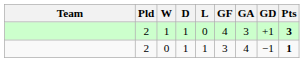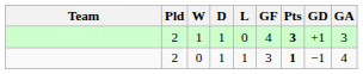 <table class="wikitable" style="text-align:center;">
 <tr>
 <th width=180>Team</th>
 <th width=20>Pld</th>
 <th width=20>W</th>
 <th width=20>D</th>
 <th width=20>L</th>
 <th width=20>GF</th>
+<th width=20>Pts</th>
+<th width=20>GD</th>
 <th width=20>GA</th>
-<th width=20>GD</th>
-<th width=20>Pts</th>
 </tr>
 <tr style="background:#cfc;">
 <td align="left"></td>
 <td>2</td>
 <td>1</td>
 <td>1</td>
 <td>0</td>
 <td>4</td>
+<td><strong>3</strong></td>
+<td>+1</td>
 <td>3</td>
-<td>+1</td>
-<td><strong>3</strong></td>
 </tr>
 <tr>
 <td align="left"></td>
 <td>2</td>
 <td>0</td>
 <td>1</td>
 <td>1</td>
 <td>3</td>
+<td><strong>1</strong></td>
+<td>−1</td>
 <td>4</td>
-<td>−1</td>
-<td><strong>1</strong></td>
 </tr>
 </table>
